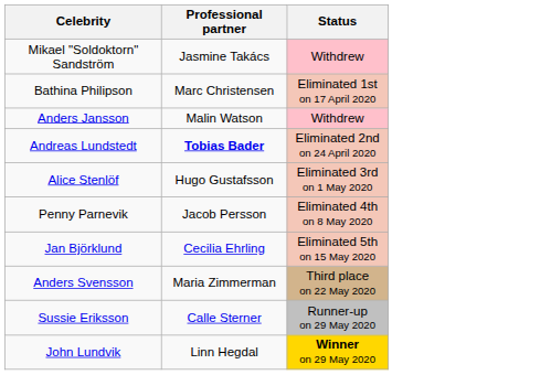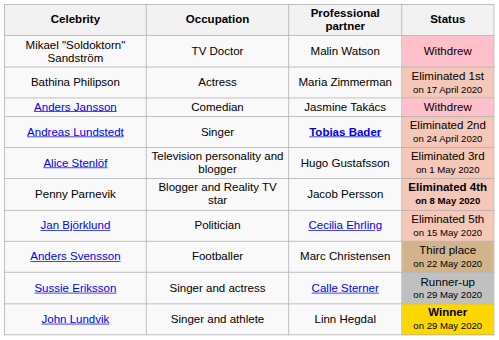 <table class="wikitable" align=center border="2" cellpadding="3" cellspacing="0" style="text-align:center; font-size:100%">
 <tr>
 <th width="190">Celebrity</th>
+<th width="190">Occupation</th>
 <th width="150">Professional partner</th>
 <th width="120">Status</th>
 </tr>
 <tr>
 <td>Mikael "Soldoktorn" Sandström</td>
+<td>TV Doctor</td>
+<td>Malin Watson</td>
+<td style=background:pink>Withdrew <br> </td>
+</tr>
+<tr>
+<td>Bathina Philipson</td>
+<td>Actress</td>
+<td>Maria Zimmerman</td>
+<td style=background:#f4c7b8>Eliminated 1st<br><small>on 17 April 2020</small></td>
+</tr>
+<tr>
+<td><a href='#'>Anders Jansson</a></td>
+<td>Comedian</td>
 <td>Jasmine Takács</td>
 <td style=background:pink>Withdrew <br> </td>
 </tr>
 <tr>
-<td>Bathina Philipson</td>
-<td>Marc Christensen</td>
-<td style=background:#f4c7b8>Eliminated 1st<br><small>on 17 April 2020</small></td>
-</tr>
-<tr>
-<td><a href='#'>Anders Jansson</a></td>
-<td>Malin Watson</td>
-<td style=background:pink>Withdrew <br> </td>
-</tr>
-<tr>
 <td><a href='#'>Andreas Lundstedt</a></td>
+<td>Singer</td>
 <td><strong><a href='#'>Tobias Bader</a></strong></td>
 <td style=background:#f4c7b8>Eliminated 2nd<br><small>on 24 April 2020</small></td>
 </tr>
 <tr>
 <td><a href='#'>Alice Stenlöf</a></td>
+<td>Television personality and blogger</td>
 <td>Hugo Gustafsson</td>
 <td style=background:#f4c7b8>Eliminated 3rd<br><small>on 1 May 2020</small></td>
 </tr>
 <tr>
 <td>Penny Parnevik</td>
+<td>Blogger and Reality TV star</td>
 <td>Jacob Persson</td>
-<td style=background:#f4c7b8>Eliminated 4th<br><small>on 8 May 2020</small></td>
+<td style=background:#f4c7b8><strong>Eliminated 4th<br><small>on 8 May 2020</small></strong></td>
 </tr>
 <tr>
 <td><a href='#'>Jan Björklund</a></td>
+<td>Politician</td>
 <td><a href='#'>Cecilia Ehrling</a></td>
 <td style=background:#f4c7b8>Eliminated 5th<br><small>on 15 May 2020</small></td>
 </tr>
 <tr>
 <td><a href='#'>Anders Svensson</a></td>
-<td>Maria Zimmerman</td>
+<td>Footballer</td>
+<td>Marc Christensen</td>
 <td style=background:tan>Third place<br><small>on 22 May 2020</small></td>
 </tr>
 <tr>
 <td><a href='#'>Sussie Eriksson</a></td>
+<td>Singer and actress</td>
 <td><a href='#'>Calle Sterner</a></td>
 <td style="background:silver">Runner-up<br><small>on 29 May 2020</small></td>
 </tr>
 <tr>
 <td><a href='#'>John Lundvik</a></td>
+<td>Singer and athlete</td>
 <td>Linn Hegdal</td>
 <td style=background:gold><strong>Winner</strong><br><small>on 29 May 2020</small></td>
 </tr>
 </table>
